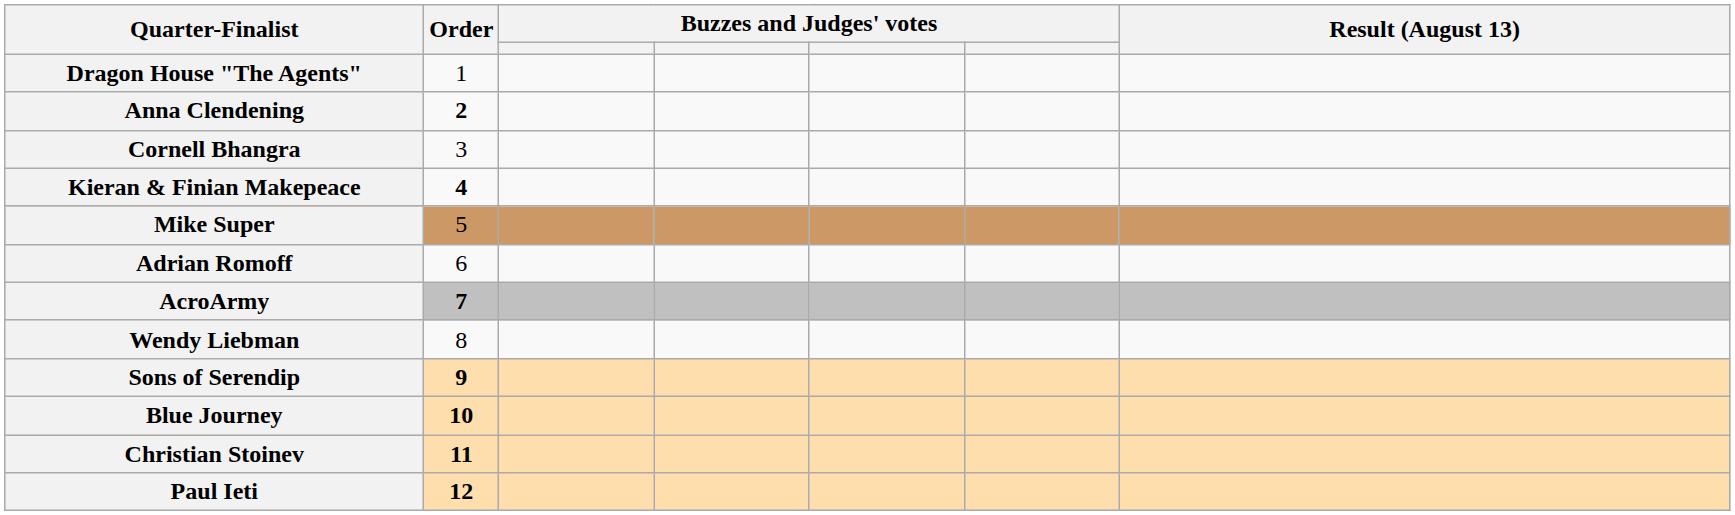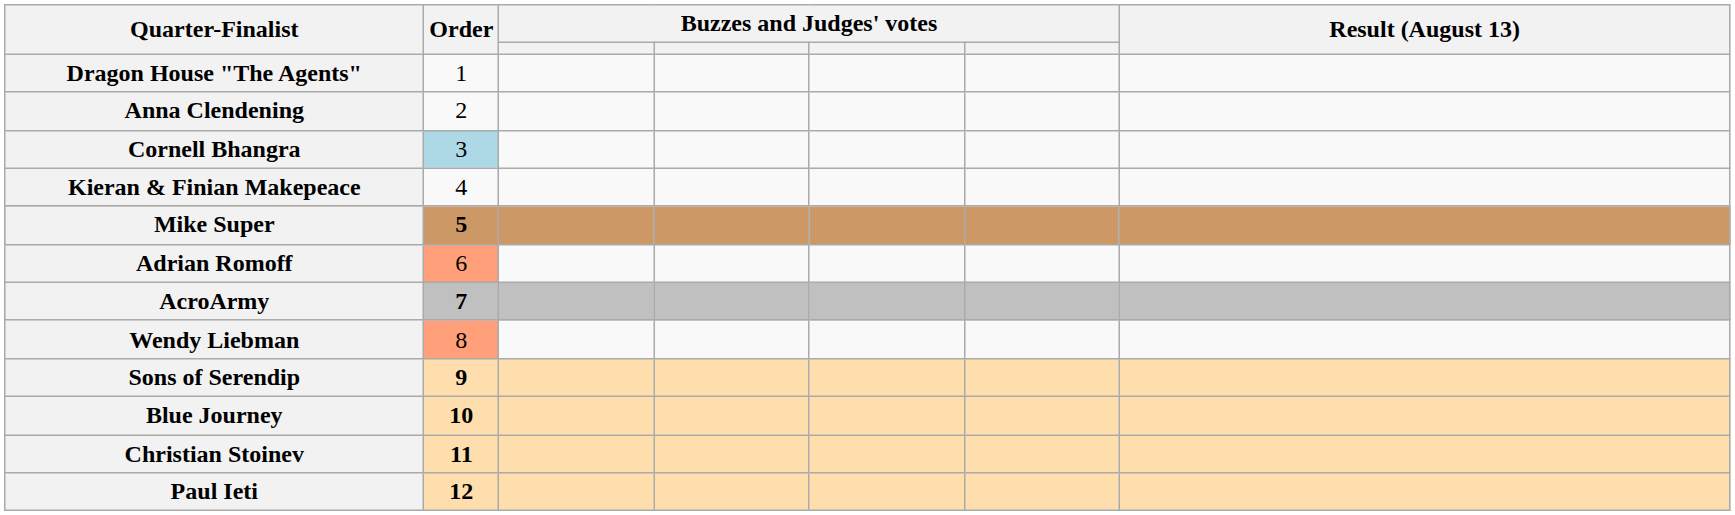 <table class="wikitable plainrowheaders sortable" style="text-align:center;">
 <tr>
 <th scope="col" rowspan="2" class="unsortable" style="width:17em;">Quarter-Finalist</th>
 <th scope="col" rowspan="2" style="width:1em;">Order</th>
 <th scope="col" colspan="4" class="unsortable" style="width:24em;">Buzzes and Judges' votes</th>
 <th scope="col" rowspan="2" style="width:25em;">Result (August 13)</th>
 </tr>
 <tr>
 <th scope="col" class="unsortable" style="width:6em;"></th>
 <th scope="col" class="unsortable" style="width:6em;"></th>
 <th scope="col" class="unsortable" style="width:6em;"></th>
 <th scope="col" class="unsortable" style="width:6em;"></th>
 </tr>
 <tr>
 <th scope="row">Dragon House "The Agents"</th>
 <td>1</td>
 <td style="text-align:center;"></td>
 <td style="text-align:center;"></td>
 <td style="text-align:center;"></td>
 <td style="text-align:center;"></td>
 <td></td>
 </tr>
 <tr>
 <th scope="row">Anna Clendening</th>
-<td><strong>2</strong></td>
+<td>2</td>
 <td style="text-align:center;"></td>
 <td style="text-align:center;"></td>
 <td style="text-align:center;"></td>
 <td style="text-align:center;"></td>
 <td></td>
 </tr>
 <tr>
 <th scope="row">Cornell Bhangra</th>
-<td>3</td>
+<td style="background: lightblue;">3</td>
 <td style="text-align:center;"></td>
 <td style="text-align:center;"></td>
 <td style="text-align:center;"></td>
 <td style="text-align:center;"></td>
 <td></td>
 </tr>
 <tr>
 <th scope="row">Kieran & Finian Makepeace</th>
-<td><strong>4</strong></td>
+<td>4</td>
 <td style="text-align:center;"></td>
 <td style="text-align:center;"></td>
 <td style="text-align:center;"></td>
 <td style="text-align:center;"></td>
 <td></td>
 </tr>
 <tr style="background:#c96">
 <th scope="row">Mike Super </th>
-<td>5</td>
+<td><strong>5</strong></td>
 <td style="text-align:center;"></td>
 <td style="text-align:center;"></td>
 <td style="text-align:center;"></td>
 <td style="text-align:center;"></td>
 <td></td>
 </tr>
 <tr>
 <th scope="row">Adrian Romoff</th>
-<td>6</td>
+<td style="background: lightsalmon;">6</td>
 <td style="text-align:center;"></td>
 <td style="text-align:center;"></td>
 <td style="text-align:center;"></td>
 <td style="text-align:center;"></td>
 <td></td>
 </tr>
 <tr style="background:silver">
 <th scope="row"><strong>AcroArmy</strong></th>
 <td><strong>7</strong></td>
 <td style="text-align:center;"></td>
 <td style="text-align:center;"></td>
 <td style="text-align:center;"></td>
 <td style="text-align:center;"></td>
 <td><strong></strong></td>
 </tr>
 <tr>
 <th scope="row">Wendy Liebman</th>
-<td>8</td>
+<td style="background: lightsalmon;">8</td>
 <td style="text-align:center;"></td>
 <td style="text-align:center;"></td>
 <td style="text-align:center;"></td>
 <td style="text-align:center;"></td>
 <td></td>
 </tr>
 <tr style="background:NavajoWhite">
 <th scope="row"><strong>Sons of Serendip</strong></th>
 <td><strong>9</strong></td>
 <td style="text-align:center;"></td>
 <td style="text-align:center;"></td>
 <td style="text-align:center;"></td>
 <td style="text-align:center;"></td>
 <td><strong></strong></td>
 </tr>
 <tr style="background:NavajoWhite">
 <th scope="row"><strong>Blue Journey</strong></th>
 <td><strong>10</strong></td>
 <td style="text-align:center;"></td>
 <td style="text-align:center;"></td>
 <td style="text-align:center;"></td>
 <td style="text-align:center;"></td>
 <td><strong></strong></td>
 </tr>
 <tr style="background:NavajoWhite">
 <th scope="row"><strong>Christian Stoinev</strong></th>
 <td><strong>11</strong></td>
 <td style="text-align:center;"></td>
 <td style="text-align:center;"></td>
 <td style="text-align:center;"></td>
 <td style="text-align:center;"></td>
 <td><strong></strong></td>
 </tr>
 <tr style="background:NavajoWhite">
 <th scope="row"><strong>Paul Ieti</strong></th>
 <td><strong>12</strong></td>
 <td style="text-align:center;"></td>
 <td style="text-align:center;"></td>
 <td style="text-align:center;"></td>
 <td style="text-align:center;"></td>
 <td><strong></strong></td>
 </tr>
 </table>
